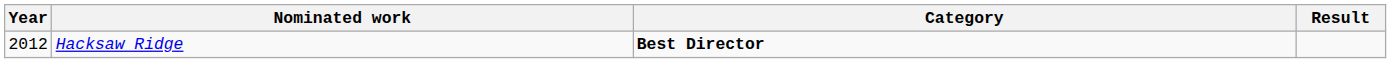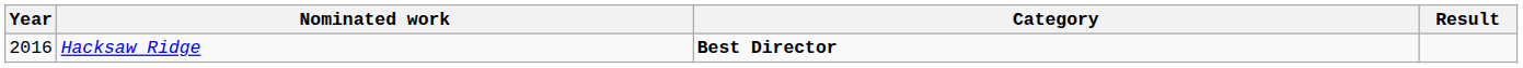 <table class="wikitable">
 <tr>
 <th scope="col" style="width:1em;">Year</th>
 <th scope="col" style="width:35em;">Nominated work</th>
 <th scope="col" style="width:40em;">Category</th>
 <th scope="col" style="width:5em;">Result</th>
 </tr>
 <tr>
-<td>2012</td>
+<td>2016</td>
 <td><em><a href='#'>Hacksaw Ridge</a></em></td>
 <td><strong>Best Director</strong></td>
 <td></td>
 </tr>
 </table>
